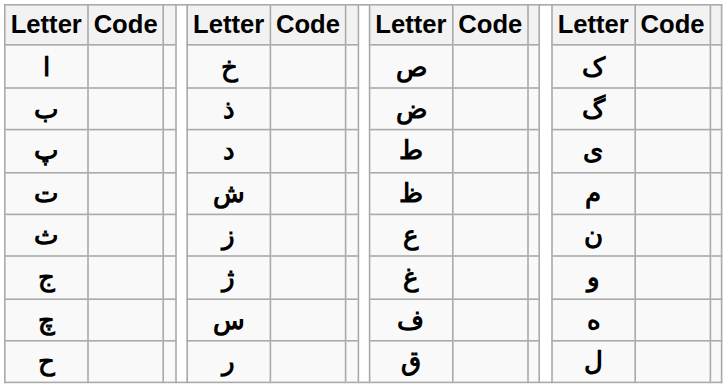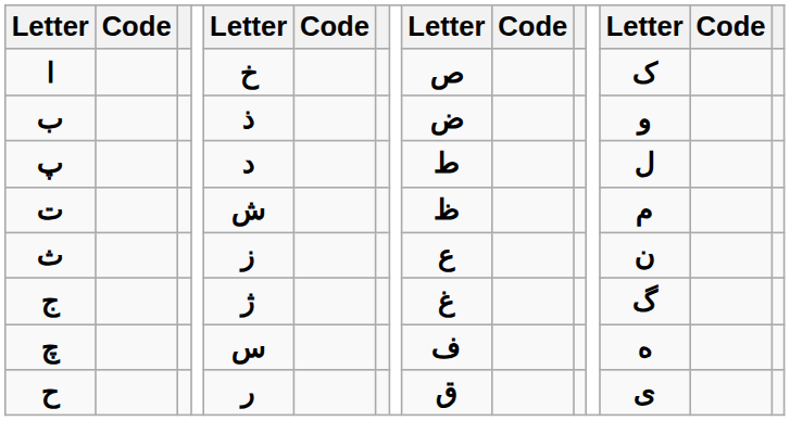 <table class="wikitable" style="text-align:center;">
 <tr>
 <th>Letter</th>
 <th>Code</th>
 <th></th>
 <td rowspan=9 style="background:white;"></td>
 <th>Letter</th>
 <th>Code</th>
 <th></th>
 <td rowspan=9 style="background:white;"></td>
 <th>Letter</th>
 <th>Code</th>
 <th></th>
 <td rowspan=9 style="background:white;"></td>
 <th>Letter</th>
 <th>Code</th>
 <th></th>
 </tr>
 <tr>
 <td><strong> ا </strong></td>
 <td style="text-align:left"></td>
 <td></td>
 <td><strong> خ </strong></td>
 <td style="text-align:left"></td>
 <td></td>
 <td><strong> ص </strong></td>
 <td style="text-align:left"></td>
 <td></td>
 <td><strong> ک </strong></td>
 <td style="text-align:left"></td>
 <td></td>
 </tr>
 <tr>
 <td><strong> ب </strong></td>
 <td style="text-align:left"></td>
 <td></td>
 <td><strong> ذ </strong></td>
 <td style="text-align:left"></td>
 <td></td>
 <td><strong> ض </strong></td>
 <td style="text-align:left"></td>
 <td></td>
-<td><strong> گ </strong></td>
+<td><strong> و </strong></td>
 <td style="text-align:left"></td>
 <td></td>
 </tr>
 <tr>
 <td><strong> پ </strong></td>
 <td style="text-align:left"></td>
 <td></td>
 <td><strong> د </strong></td>
 <td style="text-align:left"></td>
 <td></td>
 <td><strong> ط </strong></td>
 <td style="text-align:left"></td>
 <td></td>
-<td><strong> ی </strong></td>
+<td><strong> ل </strong></td>
 <td style="text-align:left"></td>
 <td></td>
 </tr>
 <tr>
 <td><strong> ت </strong></td>
 <td style="text-align:left"></td>
 <td></td>
 <td><strong> ش </strong></td>
 <td style="text-align:left"></td>
 <td></td>
 <td><strong> ظ </strong></td>
 <td style="text-align:left"></td>
 <td></td>
 <td><strong> م </strong></td>
 <td style="text-align:left"></td>
 <td></td>
 </tr>
 <tr>
 <td><strong> ث </strong></td>
 <td style="text-align:left"></td>
 <td></td>
 <td><strong> ز </strong></td>
 <td style="text-align:left"></td>
 <td></td>
 <td><strong> ع </strong></td>
 <td style="text-align:left"></td>
 <td></td>
 <td><strong> ن </strong></td>
 <td style="text-align:left"></td>
 <td></td>
 </tr>
 <tr>
 <td><strong> ج </strong></td>
 <td style="text-align:left"></td>
 <td></td>
 <td><strong> ژ </strong></td>
 <td style="text-align:left"></td>
 <td></td>
 <td><strong> غ </strong></td>
 <td style="text-align:left"></td>
 <td></td>
-<td><strong> و </strong></td>
+<td><strong> گ </strong></td>
 <td style="text-align:left"></td>
 <td></td>
 </tr>
 <tr>
 <td><strong> چ </strong></td>
 <td style="text-align:left"></td>
 <td></td>
 <td><strong> س </strong></td>
 <td style="text-align:left"></td>
 <td></td>
 <td><strong> ف </strong></td>
 <td style="text-align:left"></td>
 <td></td>
 <td><strong> ه </strong></td>
 <td style="text-align:left"></td>
 <td></td>
 </tr>
 <tr>
 <td><strong> ح </strong></td>
 <td style="text-align:left"></td>
 <td></td>
 <td><strong> ر </strong></td>
 <td style="text-align:left"></td>
 <td></td>
 <td><strong> ق </strong></td>
 <td style="text-align:left"></td>
 <td></td>
-<td><strong> ل </strong></td>
+<td><strong> ی </strong></td>
 <td style="text-align:left"></td>
 <td></td>
 </tr>
 </table>
